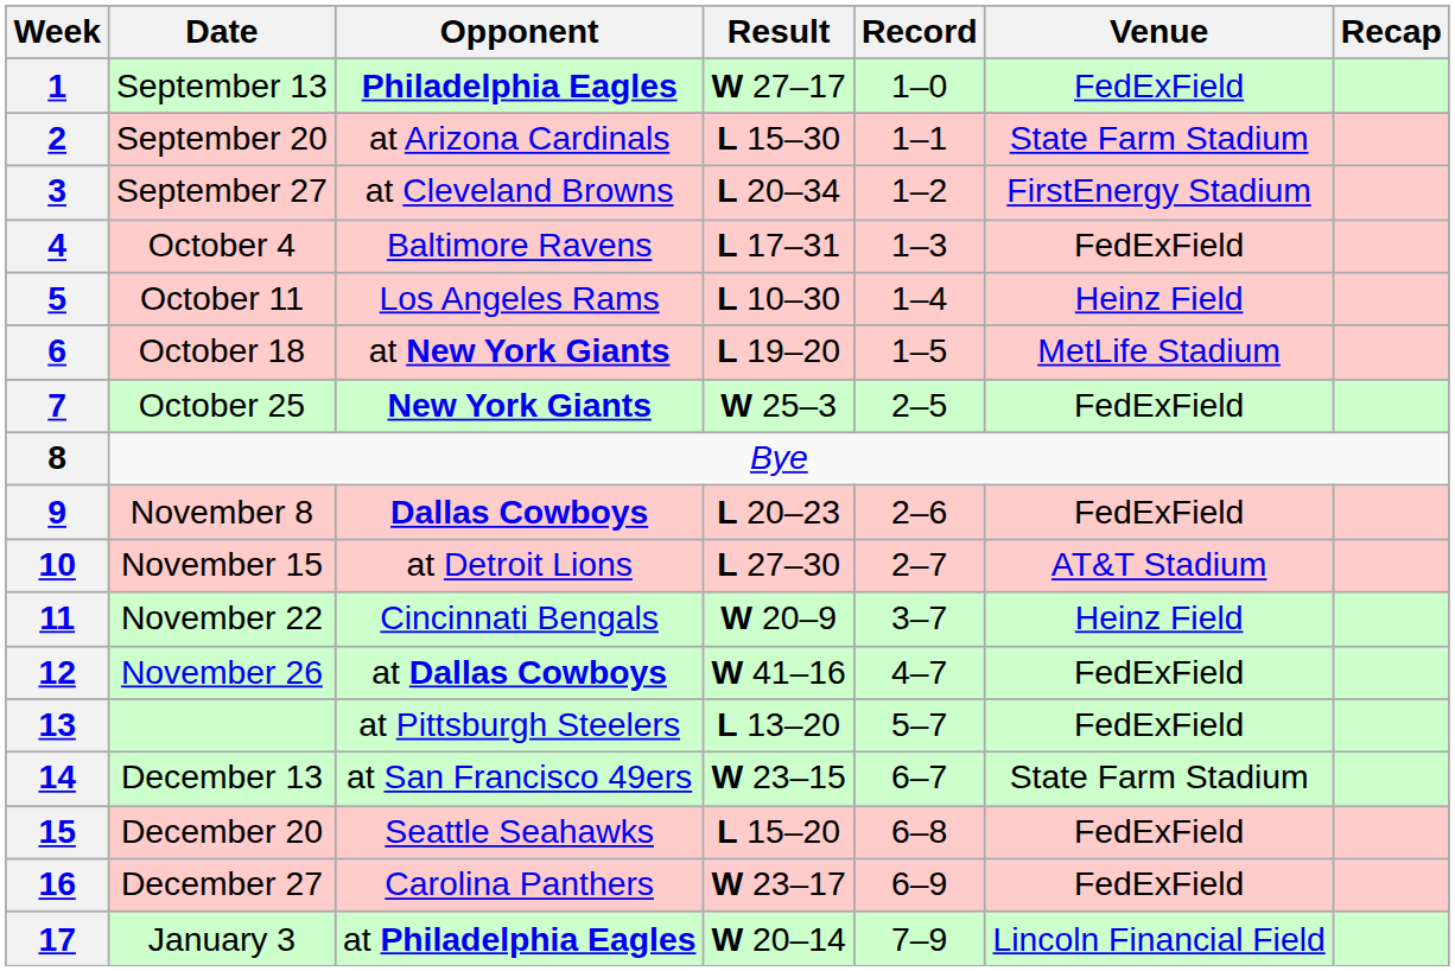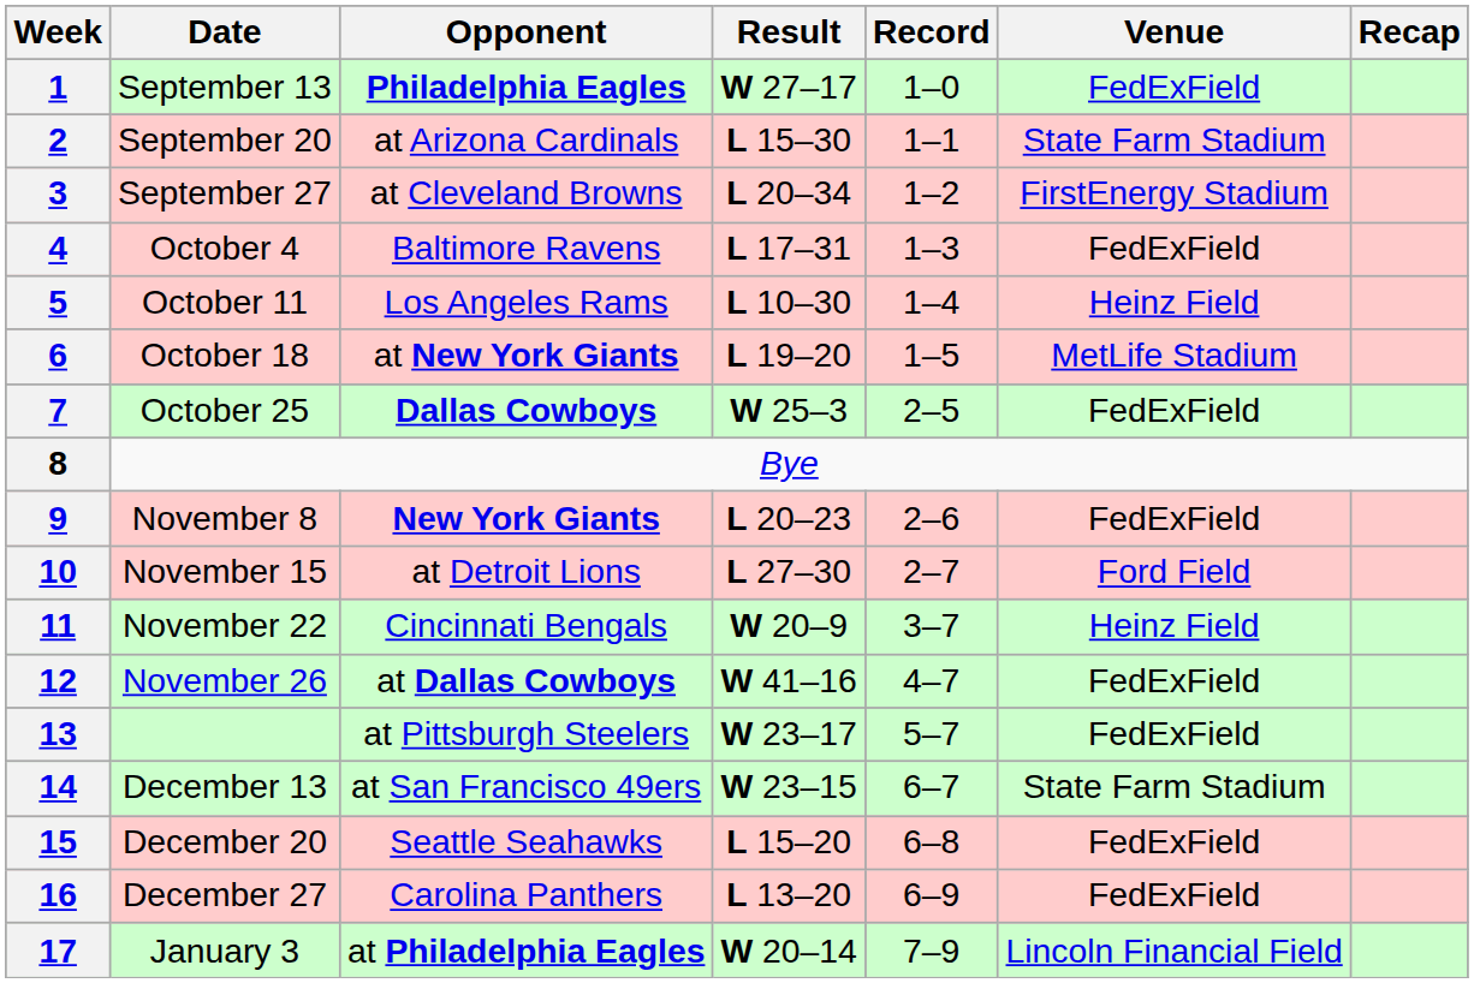 <table class="wikitable" style="text-align:center">
 <tr>
 <th>Week</th>
 <th>Date</th>
 <th>Opponent</th>
 <th>Result</th>
 <th>Record</th>
 <th>Venue</th>
 <th>Recap</th>
 </tr>
 <tr style="background:#cfc">
 <th><a href='#'>1</a></th>
 <td>September 13</td>
 <td><strong><a href='#'>Philadelphia Eagles</a></strong></td>
 <td><strong>W</strong> 27–17</td>
 <td>1–0</td>
 <td><a href='#'>FedExField</a></td>
 <td></td>
 </tr>
 <tr style="background:#fcc">
 <th><a href='#'>2</a></th>
 <td>September 20</td>
 <td>at <a href='#'>Arizona Cardinals</a></td>
 <td><strong>L</strong> 15–30</td>
 <td>1–1</td>
 <td><a href='#'>State Farm Stadium</a></td>
 <td></td>
 </tr>
 <tr style="background:#fcc">
 <th><a href='#'>3</a></th>
 <td>September 27</td>
 <td>at <a href='#'>Cleveland Browns</a></td>
 <td><strong>L</strong> 20–34</td>
 <td>1–2</td>
 <td><a href='#'>FirstEnergy Stadium</a></td>
 <td></td>
 </tr>
 <tr style="background:#fcc">
 <th><a href='#'>4</a></th>
 <td>October 4</td>
 <td><a href='#'>Baltimore Ravens</a></td>
 <td><strong>L</strong> 17–31</td>
 <td>1–3</td>
 <td>FedExField</td>
 <td></td>
 </tr>
 <tr style="background:#fcc">
 <th><a href='#'>5</a></th>
 <td>October 11</td>
 <td><a href='#'>Los Angeles Rams</a></td>
 <td><strong>L</strong> 10–30</td>
 <td>1–4</td>
 <td><a href='#'>Heinz Field</a></td>
 <td></td>
 </tr>
 <tr style="background:#fcc">
 <th><a href='#'>6</a></th>
 <td>October 18</td>
 <td>at <strong><a href='#'>New York Giants</a></strong></td>
 <td><strong>L</strong> 19–20</td>
 <td>1–5</td>
 <td><a href='#'>MetLife Stadium</a></td>
 <td></td>
 </tr>
 <tr style="background:#cfc">
 <th><a href='#'>7</a></th>
 <td>October 25</td>
-<td><strong><a href='#'>New York Giants</a></strong></td>
+<td><strong><a href='#'>Dallas Cowboys</a></strong></td>
 <td><strong>W</strong> 25–3</td>
 <td>2–5</td>
 <td>FedExField</td>
 <td></td>
 </tr>
 <tr>
 <th>8</th>
 <td colspan="6"><em><a href='#'>Bye</a></em></td>
 </tr>
 <tr style="background:#fcc">
 <th><a href='#'>9</a></th>
 <td>November 8</td>
-<td><strong><a href='#'>Dallas Cowboys</a></strong></td>
+<td><strong><a href='#'>New York Giants</a></strong></td>
 <td><strong>L</strong> 20–23</td>
 <td>2–6</td>
 <td>FedExField</td>
 <td></td>
 </tr>
 <tr style="background:#fcc">
 <th><a href='#'>10</a></th>
 <td>November 15</td>
 <td>at <a href='#'>Detroit Lions</a></td>
 <td><strong>L</strong> 27–30</td>
 <td>2–7</td>
-<td><a href='#'>AT&T Stadium</a></td>
+<td><a href='#'>Ford Field</a></td>
 <td></td>
 </tr>
 <tr style="background:#cfc">
 <th><a href='#'>11</a></th>
 <td>November 22</td>
 <td><a href='#'>Cincinnati Bengals</a></td>
 <td><strong>W</strong> 20–9</td>
 <td>3–7</td>
 <td><a href='#'>Heinz Field</a></td>
 <td></td>
 </tr>
 <tr style="background:#cfc">
 <th><a href='#'>12</a></th>
 <td><a href='#'>November 26</a></td>
 <td>at <strong><a href='#'>Dallas Cowboys</a></strong></td>
 <td><strong>W</strong> 41–16</td>
 <td>4–7</td>
 <td>FedExField</td>
 <td></td>
 </tr>
 <tr style="background:#cfc">
 <th><a href='#'>13</a></th>
 <td></td>
 <td>at <a href='#'>Pittsburgh Steelers</a></td>
-<td><strong>L</strong> 13–20</td>
+<td><strong>W</strong> 23–17</td>
 <td>5–7</td>
 <td>FedExField</td>
 <td></td>
 </tr>
 <tr style="background:#cfc">
 <th><a href='#'>14</a></th>
 <td>December 13</td>
 <td>at <a href='#'>San Francisco 49ers</a></td>
 <td><strong>W</strong> 23–15</td>
 <td>6–7</td>
 <td>State Farm Stadium</td>
 <td></td>
 </tr>
 <tr style="background:#fcc">
 <th><a href='#'>15</a></th>
 <td>December 20</td>
 <td><a href='#'>Seattle Seahawks</a></td>
 <td><strong>L</strong> 15–20</td>
 <td>6–8</td>
 <td>FedExField</td>
 <td></td>
 </tr>
 <tr style="background:#fcc">
 <th><a href='#'>16</a></th>
 <td>December 27</td>
 <td><a href='#'>Carolina Panthers</a></td>
-<td><strong>W</strong> 23–17</td>
+<td><strong>L</strong> 13–20</td>
 <td>6–9</td>
 <td>FedExField</td>
 <td></td>
 </tr>
 <tr style="background:#cfc">
 <th><a href='#'>17</a></th>
 <td>January 3</td>
 <td>at <strong><a href='#'>Philadelphia Eagles</a></strong></td>
 <td><strong>W</strong> 20–14</td>
 <td>7–9</td>
 <td><a href='#'>Lincoln Financial Field</a></td>
 <td></td>
 </tr>
 </table>
